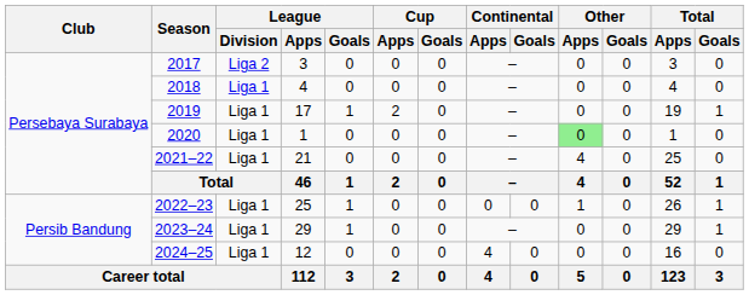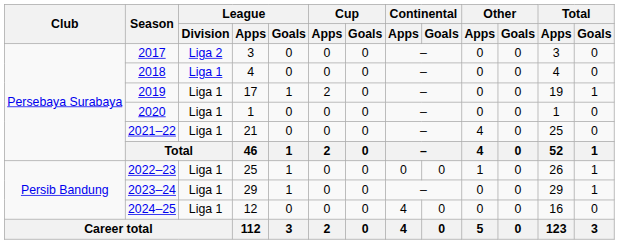 <table class="wikitable" style="text-align: center">
 <tr>
 <th rowspan="2">Club</th>
 <th rowspan="2">Season</th>
 <th colspan="3">League</th>
 <th colspan="2">Cup</th>
 <th colspan="2">Continental</th>
 <th colspan="2">Other</th>
 <th colspan="2">Total</th>
 </tr>
 <tr>
 <th>Division</th>
 <th>Apps</th>
 <th>Goals</th>
 <th>Apps</th>
 <th>Goals</th>
 <th>Apps</th>
 <th>Goals</th>
 <th>Apps</th>
 <th>Goals</th>
 <th>Apps</th>
 <th>Goals</th>
 </tr>
 <tr>
 <td rowspan="6" valign="center"><a href='#'>Persebaya Surabaya</a></td>
 <td><a href='#'>2017</a></td>
 <td><a href='#'>Liga 2</a></td>
 <td>3</td>
 <td>0</td>
 <td>0</td>
 <td>0</td>
 <td colspan="2">–</td>
 <td>0</td>
 <td>0</td>
 <td>3</td>
 <td>0</td>
 </tr>
 <tr>
 <td><a href='#'>2018</a></td>
 <td rowspan="1" valign="center"><a href='#'>Liga 1</a></td>
 <td>4</td>
 <td>0</td>
 <td>0</td>
 <td>0</td>
 <td colspan="2">–</td>
 <td>0</td>
 <td>0</td>
 <td>4</td>
 <td>0</td>
 </tr>
 <tr>
 <td><a href='#'>2019</a></td>
 <td rowspan="1" valign="center">Liga 1</td>
 <td>17</td>
 <td>1</td>
 <td>2</td>
 <td>0</td>
 <td colspan="2">–</td>
 <td>0</td>
 <td>0</td>
 <td>19</td>
 <td>1</td>
 </tr>
 <tr>
 <td><a href='#'>2020</a></td>
 <td rowspan="1" valign="center">Liga 1</td>
 <td>1</td>
 <td>0</td>
 <td>0</td>
 <td>0</td>
 <td colspan="2">–</td>
-<td style="background: lightgreen;">0</td>
+<td>0</td>
 <td>0</td>
 <td>1</td>
 <td>0</td>
 </tr>
 <tr>
 <td><a href='#'>2021–22</a></td>
 <td rowspan="1" valign="center">Liga 1</td>
 <td>21</td>
 <td>0</td>
 <td>0</td>
 <td>0</td>
 <td colspan="2">–</td>
 <td>4</td>
 <td>0</td>
 <td>25</td>
 <td>0</td>
 </tr>
 <tr>
 <th colspan=2>Total</th>
 <th>46</th>
 <th>1</th>
 <th>2</th>
 <th>0</th>
 <th colspan="2">–</th>
 <th>4</th>
 <th>0</th>
 <th>52</th>
 <th>1</th>
 </tr>
 <tr>
 <td rowspan="3"><a href='#'>Persib Bandung</a></td>
 <td><a href='#'>2022–23</a></td>
 <td rowspan="1">Liga 1</td>
 <td>25</td>
 <td>1</td>
 <td>0</td>
 <td>0</td>
 <td>0</td>
 <td>0</td>
 <td>1</td>
 <td>0</td>
 <td>26</td>
 <td>1</td>
 </tr>
 <tr>
 <td><a href='#'>2023–24</a></td>
 <td>Liga 1</td>
 <td>29</td>
 <td>1</td>
 <td>0</td>
 <td>0</td>
 <td colspan="2">–</td>
 <td>0</td>
 <td>0</td>
 <td>29</td>
 <td>1</td>
 </tr>
 <tr>
 <td><a href='#'>2024–25</a></td>
 <td>Liga 1</td>
 <td>12</td>
 <td>0</td>
 <td>0</td>
 <td>0</td>
 <td>4</td>
 <td>0</td>
 <td>0</td>
 <td>0</td>
 <td>16</td>
 <td>0</td>
 </tr>
 <tr>
 <th colspan=3>Career total</th>
 <th>112</th>
 <th>3</th>
 <th>2</th>
 <th>0</th>
 <th>4</th>
 <th>0</th>
 <th>5</th>
 <th>0</th>
 <th>123</th>
 <th>3</th>
 </tr>
 </table>
